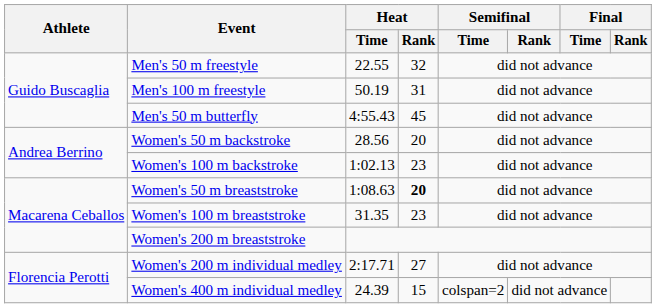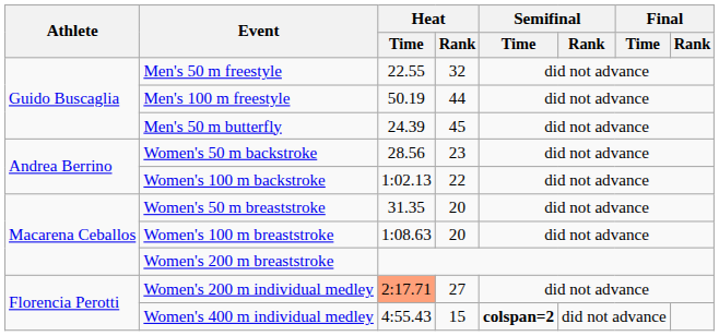 <table class=wikitable style="font-size:90%">
 <tr>
 <th rowspan="2">Athlete</th>
 <th rowspan="2">Event</th>
 <th colspan="2">Heat</th>
 <th colspan="2">Semifinal</th>
 <th colspan="2">Final</th>
 </tr>
 <tr style="font-size:95%">
 <th>Time</th>
 <th>Rank</th>
 <th>Time</th>
 <th>Rank</th>
 <th>Time</th>
 <th>Rank</th>
 </tr>
 <tr align=center>
 <td align=left rowspan=3><a href='#'>Guido Buscaglia</a></td>
 <td align=left><a href='#'>Men's 50 m freestyle</a></td>
 <td>22.55</td>
 <td>32</td>
 <td colspan=4>did not advance</td>
 </tr>
 <tr align=center>
 <td align=left><a href='#'>Men's 100 m freestyle</a></td>
 <td>50.19</td>
-<td>31</td>
+<td>44</td>
 <td colspan=4>did not advance</td>
 </tr>
 <tr align=center>
 <td align=left><a href='#'>Men's 50 m butterfly</a></td>
-<td>4:55.43</td>
+<td>24.39</td>
 <td>45</td>
 <td colspan=4>did not advance</td>
 </tr>
 <tr align=center>
 <td align=left rowspan=2><a href='#'>Andrea Berrino</a></td>
 <td align=left><a href='#'>Women's 50 m backstroke</a></td>
 <td>28.56</td>
-<td>20</td>
+<td>23</td>
 <td colspan=4>did not advance</td>
 </tr>
 <tr align=center>
 <td align=left><a href='#'>Women's 100 m backstroke</a></td>
 <td>1:02.13</td>
-<td>23</td>
+<td>22</td>
 <td colspan=4>did not advance</td>
 </tr>
 <tr align=center>
 <td align=left rowspan=3><a href='#'>Macarena Ceballos</a></td>
 <td align=left><a href='#'>Women's 50 m breaststroke</a></td>
-<td>1:08.63</td>
-<td><strong>20</strong></td>
+<td>31.35</td>
+<td>20</td>
 <td colspan=4>did not advance</td>
 </tr>
 <tr align=center>
 <td align=left><a href='#'>Women's 100 m breaststroke</a></td>
-<td>31.35</td>
-<td>23</td>
+<td>1:08.63</td>
+<td>20</td>
 <td colspan=4>did not advance</td>
 </tr>
 <tr align=center>
 <td align=left><a href='#'>Women's 200 m breaststroke</a></td>
 <td colspan=6></td>
 </tr>
 <tr align=center>
 <td align=left rowspan=2><a href='#'>Florencia Perotti</a></td>
 <td align=left><a href='#'>Women's 200 m individual medley</a></td>
-<td>2:17.71</td>
+<td style="background: lightsalmon;">2:17.71</td>
 <td>27</td>
 <td colspan=4>did not advance</td>
 </tr>
 <tr align=center>
 <td align=left><a href='#'>Women's 400 m individual medley</a></td>
-<td>24.39</td>
+<td>4:55.43</td>
 <td>15</td>
-<td>colspan=2</td>
+<td><strong>colspan=2</strong></td>
 <td colspan=2>did not advance</td>
 </tr>
 </table>
